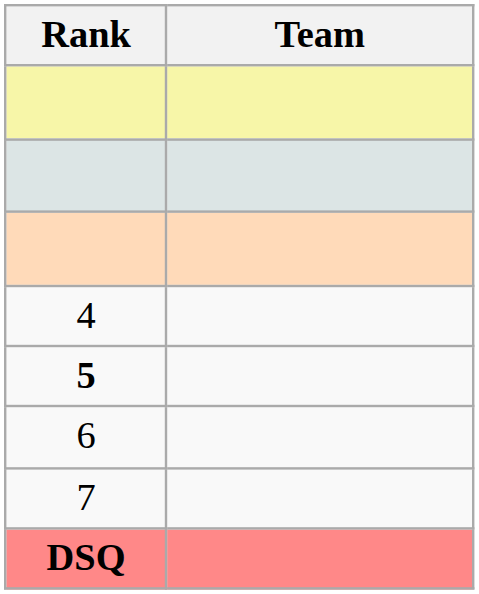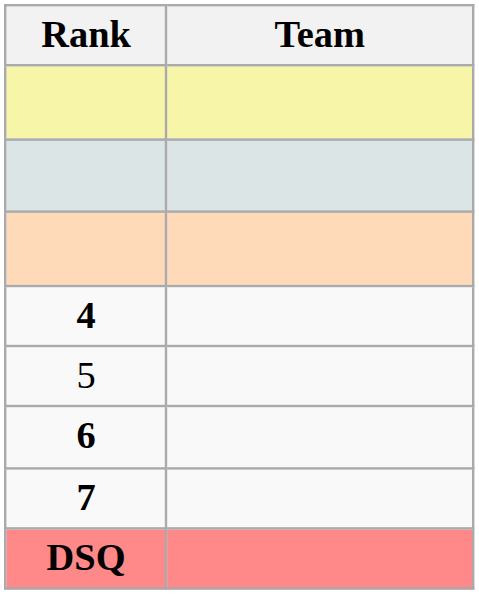 <table class="wikitable" style="text-align:center">
 <tr>
 <th width=60>Rank</th>
 <th width=120>Team</th>
 </tr>
 <tr bgcolor="#F7F6A8">
 <td align="center" style="height:23px"></td>
 <td align=left></td>
 </tr>
 <tr bgcolor="#DCE5E5">
 <td align="center" style="height:23px"></td>
 <td align=left></td>
 </tr>
 <tr bgcolor="#FFDAB9">
 <td align="center" style="height:23px"></td>
 <td align=left></td>
 </tr>
 <tr>
-<td>4</td>
+<td><strong>4</strong></td>
 <td align=left></td>
 </tr>
 <tr>
-<td><strong>5</strong></td>
+<td>5</td>
 <td align=left></td>
 </tr>
 <tr>
-<td>6</td>
+<td><strong>6</strong></td>
 <td align=left></td>
 </tr>
 <tr>
-<td>7</td>
+<td><strong>7</strong></td>
 <td align=left></td>
 </tr>
 <tr bgcolor="ff8888">
 <td><strong>DSQ</strong></td>
 <td align=left><s></s></td>
 </tr>
 </table>
